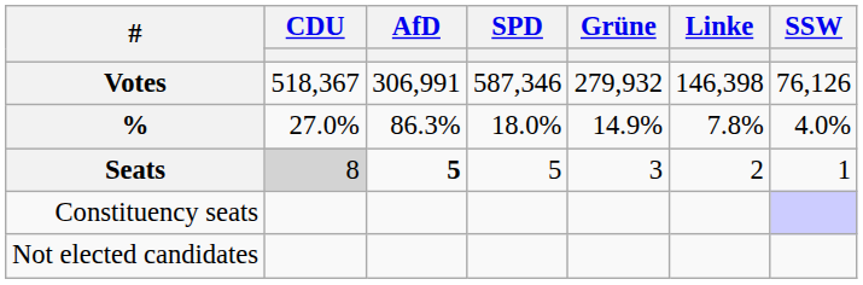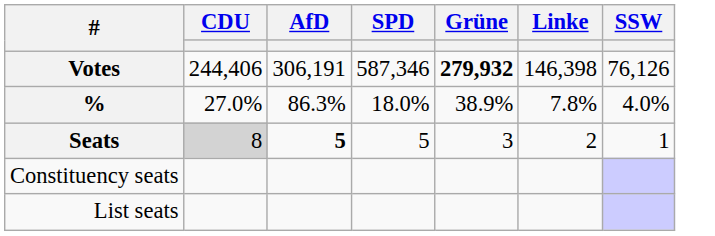 <table class="wikitable" style="text-align:right;vertical-align:top">
 <tr>
 <th rowspan="2">#</th>
 <th class="wikitable sortable"><a href='#'>CDU</a></th>
 <th class="wikitable sortable"><a href='#'>AfD</a></th>
 <th class="wikitable sortable"><a href='#'>SPD</a></th>
 <th class="wikitable sortable"><a href='#'>Grüne</a></th>
 <th class="wikitable sortable"><a href='#'>Linke</a></th>
 <th class="wikitable sortable"><a href='#'>SSW</a></th>
 </tr>
 <tr>
 <th class="wikitable sortable" style="background:"></th>
 <th class="wikitable sortable" style="background:"></th>
 <th class="wikitable sortable" style="background:"></th>
 <th class="wikitable sortable" style="background:"></th>
 <th class="wikitable sortable" style="background:"></th>
 <th class="wikitable sortable" style="background:"></th>
 </tr>
 <tr>
 <th>Votes</th>
-<td>518,367</td>
-<td>306,991</td>
+<td>244,406</td>
+<td>306,191</td>
 <td>587,346</td>
-<td>279,932</td>
+<td><strong>279,932</strong></td>
 <td>146,398</td>
 <td>76,126</td>
 </tr>
 <tr>
 <th>%</th>
 <td>27.0%</td>
 <td>86.3%</td>
 <td>18.0%</td>
-<td>14.9%</td>
+<td>38.9%</td>
 <td>7.8%</td>
 <td>4.0%</td>
 </tr>
 <tr>
 <th>Seats</th>
 <td style="background: lightgrey;">8</td>
 <td><strong>5</strong></td>
 <td>5</td>
 <td>3</td>
 <td>2</td>
 <td>1</td>
 </tr>
 <tr style="vertical-align:top">
 <td>Constituency seats</td>
 <td></td>
 <td></td>
 <td></td>
 <td></td>
 <td></td>
 <td style="background:#ccccff;"></td>
 </tr>
 <tr style="vertical-align:top">
-<td>Not elected candidates</td>
-<td><div><br>    </div></td>
-<td><div><br> </div></td>
-<td><div><br> </div></td>
-<td><div><br> </div></td>
-<td><div><br> </div></td>
-<td><div><br> </div></td>
+<td>List seats</td>
+<td></td>
+<td></td>
+<td></td>
+<td></td>
+<td></td>
+<td style="background:#ccccff;"></td>
 </tr>
 </table>
